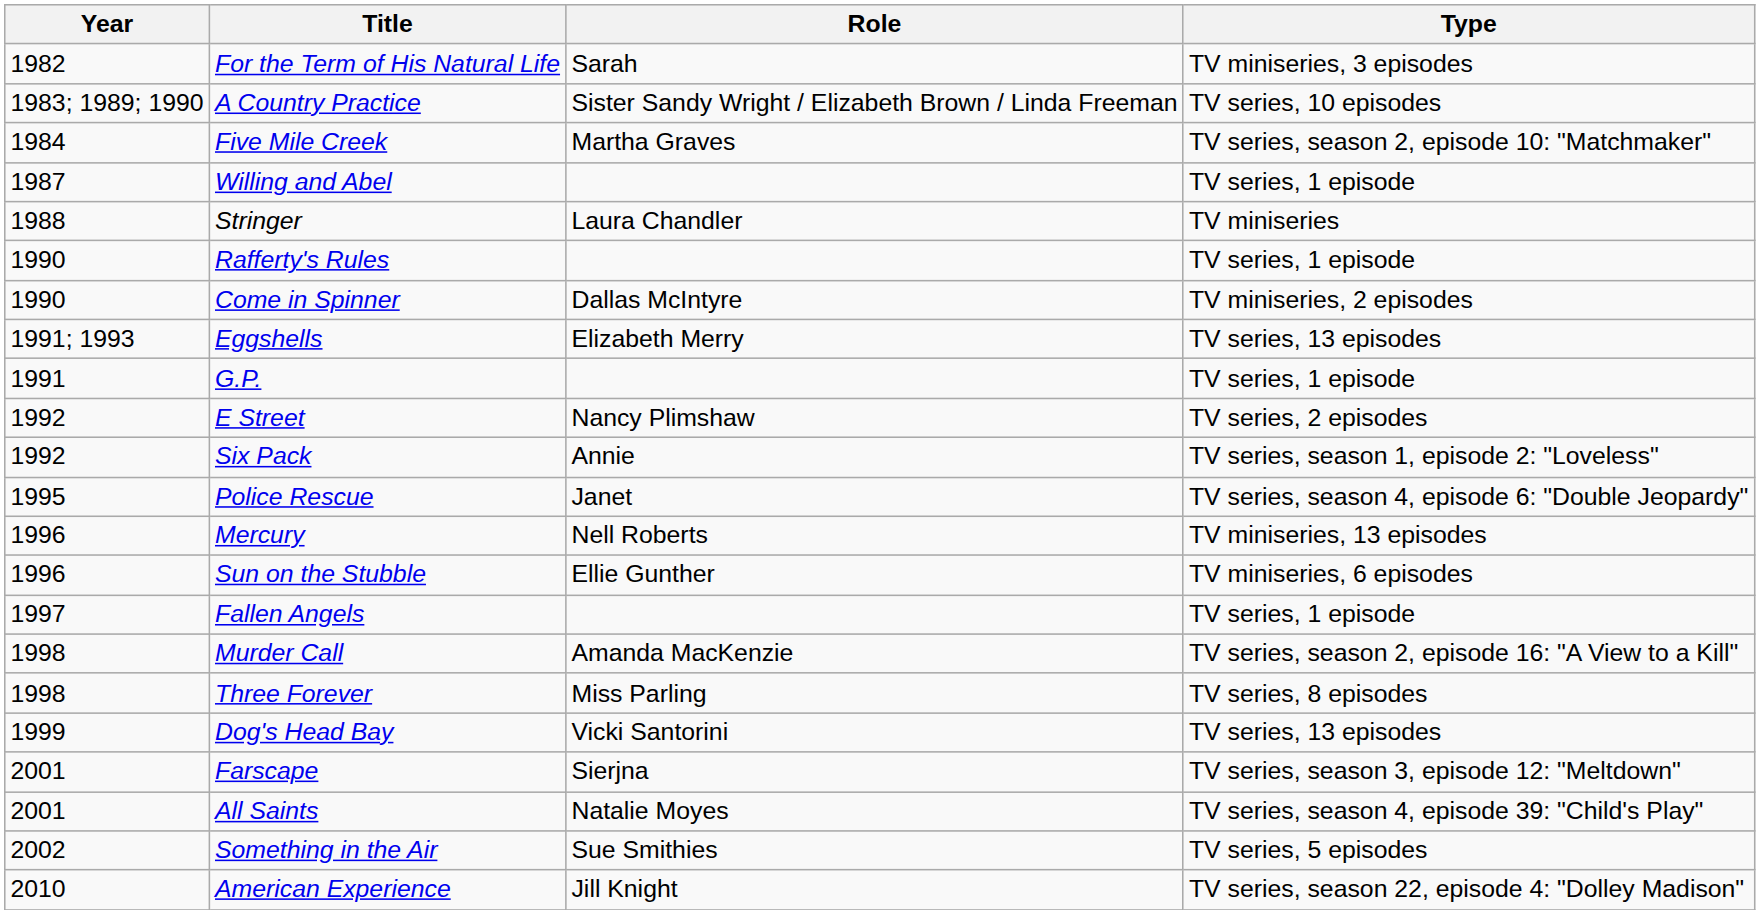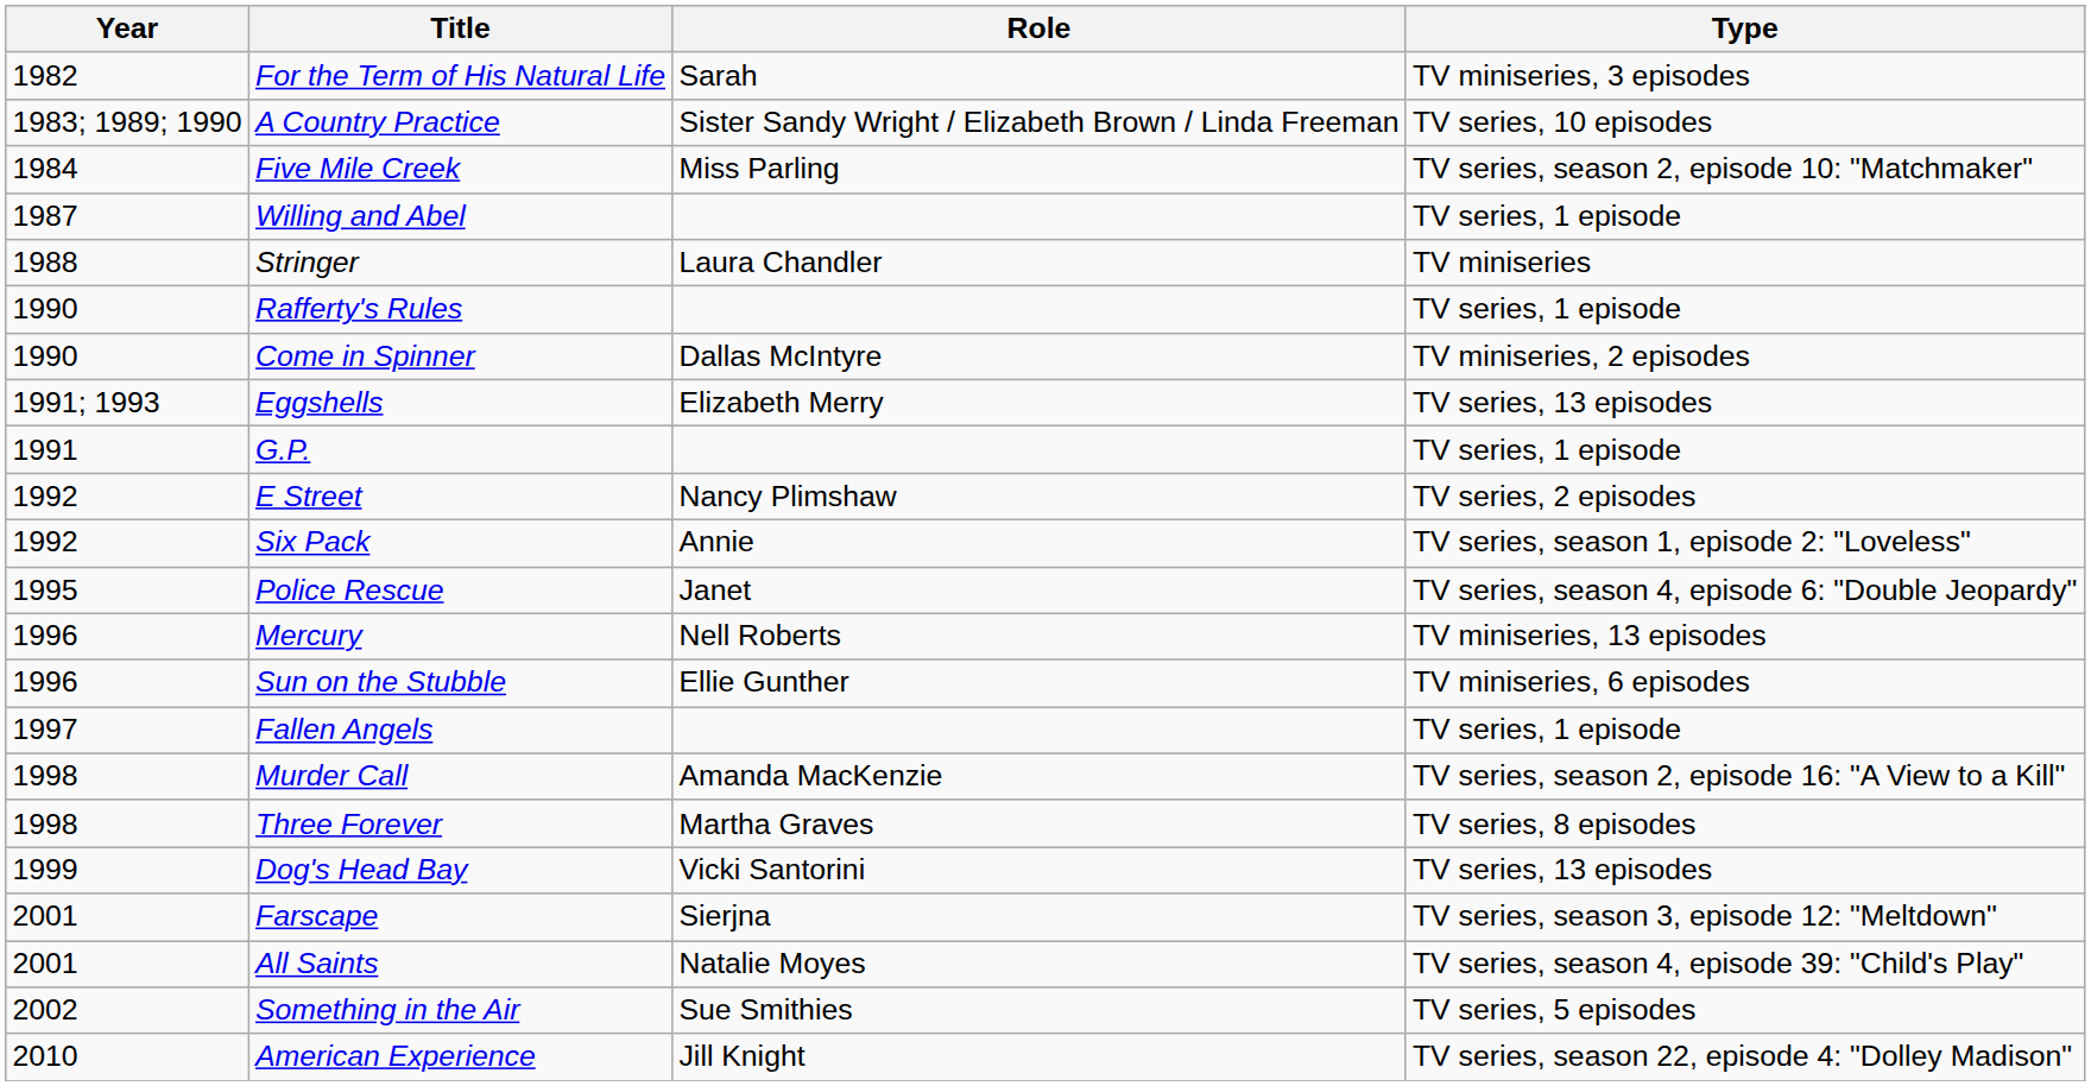 <table class="wikitable">
 <tr>
 <th>Year</th>
 <th>Title</th>
 <th>Role</th>
 <th>Type</th>
 </tr>
 <tr>
 <td>1982</td>
 <td><em><a href='#'>For the Term of His Natural Life</a></em></td>
 <td>Sarah</td>
 <td>TV miniseries, 3 episodes</td>
 </tr>
 <tr>
 <td>1983; 1989; 1990</td>
 <td><em><a href='#'>A Country Practice</a></em></td>
 <td>Sister Sandy Wright / Elizabeth Brown / Linda Freeman</td>
 <td>TV series, 10 episodes</td>
 </tr>
 <tr>
 <td>1984</td>
 <td><em><a href='#'>Five Mile Creek</a></em></td>
-<td>Martha Graves</td>
+<td>Miss Parling</td>
 <td>TV series, season 2, episode 10: "Matchmaker"</td>
 </tr>
 <tr>
 <td>1987</td>
 <td><em><a href='#'>Willing and Abel</a></em></td>
 <td></td>
 <td>TV series, 1 episode</td>
 </tr>
 <tr>
 <td>1988</td>
 <td><em>Stringer</em></td>
 <td>Laura Chandler</td>
 <td>TV miniseries</td>
 </tr>
 <tr>
 <td>1990</td>
 <td><em><a href='#'>Rafferty's Rules</a></em></td>
 <td></td>
 <td>TV series, 1 episode</td>
 </tr>
 <tr>
 <td>1990</td>
 <td><em><a href='#'>Come in Spinner</a></em></td>
 <td>Dallas McIntyre</td>
 <td>TV miniseries, 2 episodes</td>
 </tr>
 <tr>
 <td>1991; 1993</td>
 <td><em><a href='#'>Eggshells</a></em></td>
 <td>Elizabeth Merry</td>
 <td>TV series, 13 episodes</td>
 </tr>
 <tr>
 <td>1991</td>
 <td><em><a href='#'>G.P.</a></em></td>
 <td></td>
 <td>TV series, 1 episode</td>
 </tr>
 <tr>
 <td>1992</td>
 <td><em><a href='#'>E Street</a></em></td>
 <td>Nancy Plimshaw</td>
 <td>TV series, 2 episodes</td>
 </tr>
 <tr>
 <td>1992</td>
 <td><em><a href='#'>Six Pack</a></em></td>
 <td>Annie</td>
 <td>TV series, season 1, episode 2: "Loveless"</td>
 </tr>
 <tr>
 <td>1995</td>
 <td><em><a href='#'>Police Rescue</a></em></td>
 <td>Janet</td>
 <td>TV series, season 4, episode 6: "Double Jeopardy"</td>
 </tr>
 <tr>
 <td>1996</td>
 <td><em><a href='#'>Mercury</a></em></td>
 <td>Nell Roberts</td>
 <td>TV miniseries, 13 episodes</td>
 </tr>
 <tr>
 <td>1996</td>
 <td><em><a href='#'>Sun on the Stubble</a></em></td>
 <td>Ellie Gunther</td>
 <td>TV miniseries, 6 episodes</td>
 </tr>
 <tr>
 <td>1997</td>
 <td><em><a href='#'>Fallen Angels</a></em></td>
 <td></td>
 <td>TV series, 1 episode</td>
 </tr>
 <tr>
 <td>1998</td>
 <td><em><a href='#'>Murder Call</a></em></td>
 <td>Amanda MacKenzie</td>
 <td>TV series, season 2, episode 16: "A View to a Kill"</td>
 </tr>
 <tr>
 <td>1998</td>
 <td><em><a href='#'>Three Forever</a></em></td>
-<td>Miss Parling</td>
+<td>Martha Graves</td>
 <td>TV series, 8 episodes</td>
 </tr>
 <tr>
 <td>1999</td>
 <td><em><a href='#'>Dog's Head Bay</a></em></td>
 <td>Vicki Santorini</td>
 <td>TV series, 13 episodes</td>
 </tr>
 <tr>
 <td>2001</td>
 <td><em><a href='#'>Farscape</a></em></td>
 <td>Sierjna</td>
 <td>TV series, season 3, episode 12: "Meltdown"</td>
 </tr>
 <tr>
 <td>2001</td>
 <td><em><a href='#'>All Saints</a></em></td>
 <td>Natalie Moyes</td>
 <td>TV series, season 4, episode 39: "Child's Play"</td>
 </tr>
 <tr>
 <td>2002</td>
 <td><em><a href='#'>Something in the Air</a></em></td>
 <td>Sue Smithies</td>
 <td>TV series, 5 episodes</td>
 </tr>
 <tr>
 <td>2010</td>
 <td><em><a href='#'>American Experience</a></em></td>
 <td>Jill Knight</td>
 <td>TV series, season 22, episode 4: "Dolley Madison"</td>
 </tr>
 </table>
